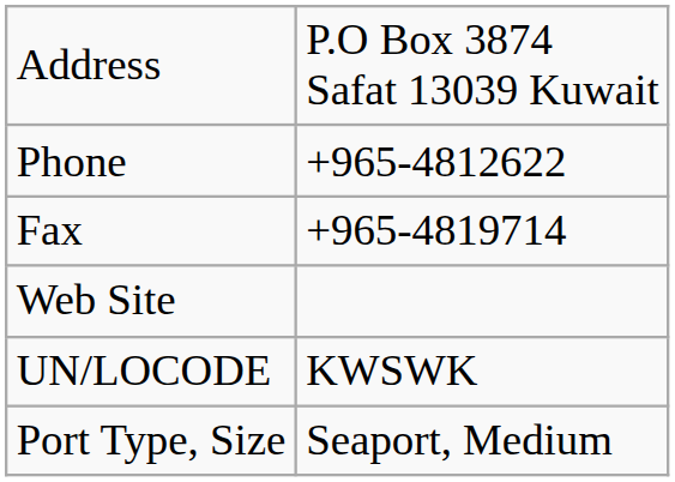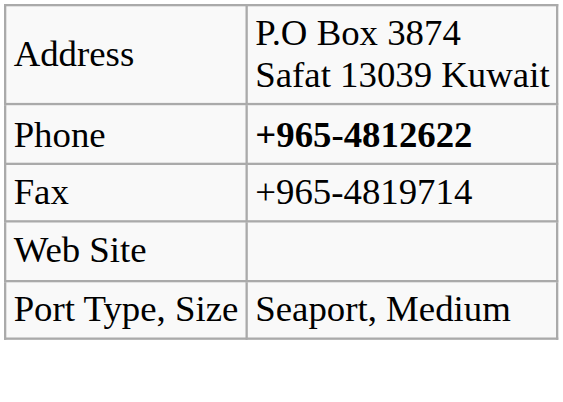 <table class="wikitable">
 <tr>
 <td>Address</td>
 <td>P.O Box 3874<br>Safat 13039 Kuwait</td>
 </tr>
 <tr>
 <td>Phone</td>
-<td>+965-4812622</td>
+<td><strong>+965-4812622</strong></td>
 </tr>
 <tr>
 <td>Fax</td>
 <td>+965-4819714</td>
 </tr>
 <tr>
 <td>Web Site</td>
 <td></td>
 </tr>
 <tr>
-<td>UN/LOCODE</td>
-<td>KWSWK</td>
-</tr>
-<tr>
 <td>Port Type, Size</td>
 <td>Seaport, Medium</td>
 </tr>
 </table>
